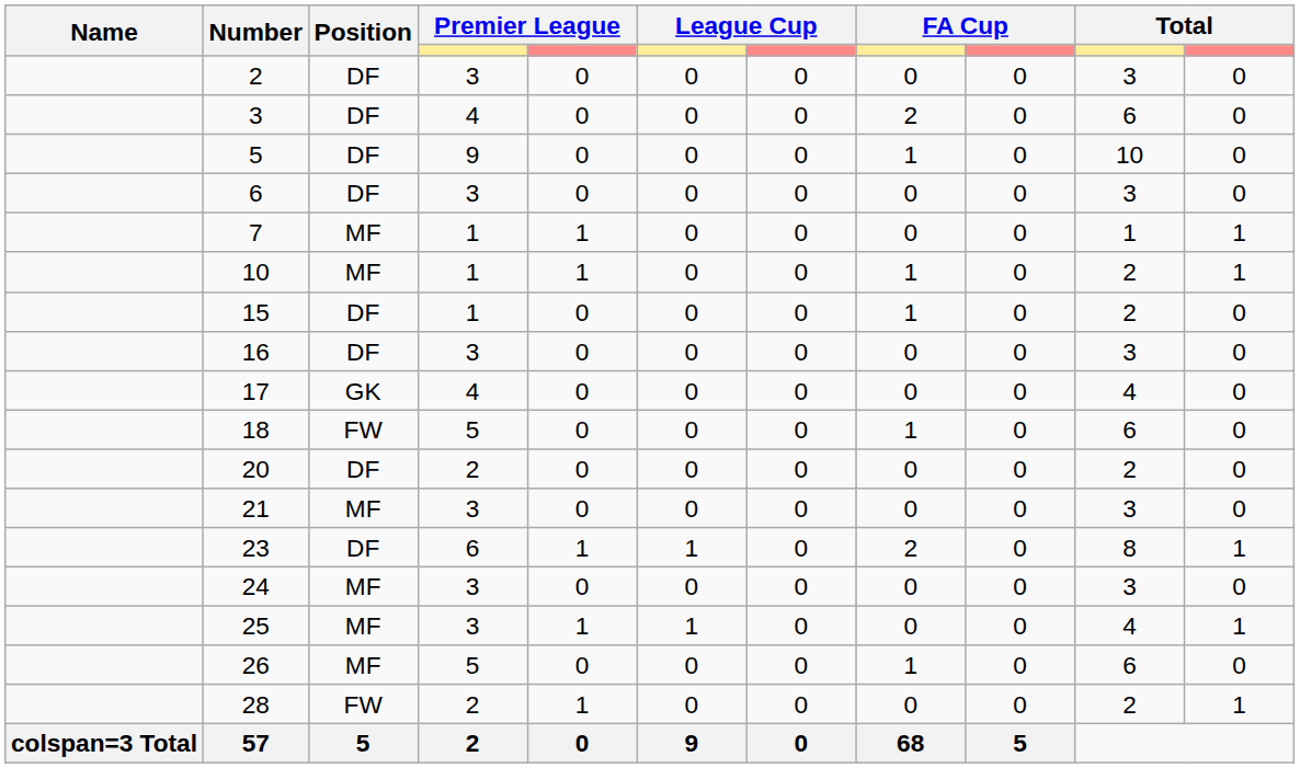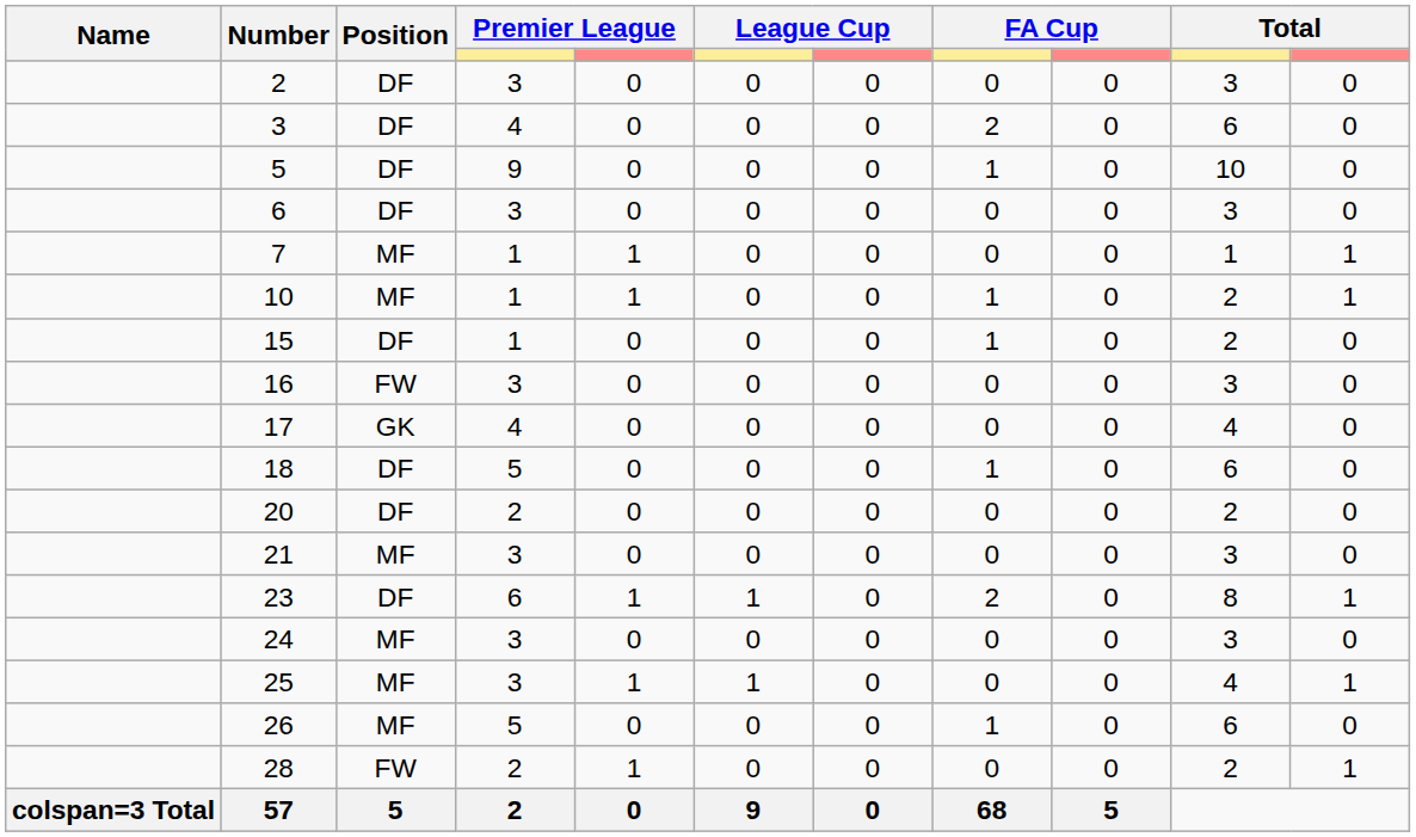 <table class="wikitable" style="font-size: 95%; text-align: center;">
 <tr>
 <th rowspan=2>Name</th>
 <th rowspan=2>Number</th>
 <th rowspan=2>Position</th>
 <th colspan=2><a href='#'>Premier League</a></th>
 <th colspan=2><a href='#'>League Cup</a></th>
 <th colspan=2><a href='#'>FA Cup</a></th>
 <th colspan=2>Total</th>
 </tr>
 <tr>
 <th style="width:60px; background:#fe9;"></th>
 <th style="width:60px; background:#ff8888;"></th>
 <th style="width:60px; background:#fe9;"></th>
 <th style="width:60px; background:#ff8888;"></th>
 <th style="width:60px; background:#fe9;"></th>
 <th style="width:60px; background:#ff8888;"></th>
 <th style="width:60px; background:#fe9;"></th>
 <th style="width:60px; background:#ff8888;"></th>
 </tr>
 <tr>
 <td></td>
 <td>2</td>
 <td>DF</td>
 <td>3</td>
 <td>0</td>
 <td>0</td>
 <td>0</td>
 <td>0</td>
 <td>0</td>
 <td>3</td>
 <td>0</td>
 </tr>
 <tr>
 <td></td>
 <td>3</td>
 <td>DF</td>
 <td>4</td>
 <td>0</td>
 <td>0</td>
 <td>0</td>
 <td>2</td>
 <td>0</td>
 <td>6</td>
 <td>0</td>
 </tr>
 <tr>
 <td></td>
 <td>5</td>
 <td>DF</td>
 <td>9</td>
 <td>0</td>
 <td>0</td>
 <td>0</td>
 <td>1</td>
 <td>0</td>
 <td>10</td>
 <td>0</td>
 </tr>
 <tr>
 <td></td>
 <td>6</td>
 <td>DF</td>
 <td>3</td>
 <td>0</td>
 <td>0</td>
 <td>0</td>
 <td>0</td>
 <td>0</td>
 <td>3</td>
 <td>0</td>
 </tr>
 <tr>
 <td></td>
 <td>7</td>
 <td>MF</td>
 <td>1</td>
 <td>1</td>
 <td>0</td>
 <td>0</td>
 <td>0</td>
 <td>0</td>
 <td>1</td>
 <td>1</td>
 </tr>
 <tr>
 <td></td>
 <td>10</td>
 <td>MF</td>
 <td>1</td>
 <td>1</td>
 <td>0</td>
 <td>0</td>
 <td>1</td>
 <td>0</td>
 <td>2</td>
 <td>1</td>
 </tr>
 <tr>
 <td></td>
 <td>15</td>
 <td>DF</td>
 <td>1</td>
 <td>0</td>
 <td>0</td>
 <td>0</td>
 <td>1</td>
 <td>0</td>
 <td>2</td>
 <td>0</td>
 </tr>
 <tr>
 <td></td>
 <td>16</td>
-<td>DF</td>
+<td>FW</td>
 <td>3</td>
 <td>0</td>
 <td>0</td>
 <td>0</td>
 <td>0</td>
 <td>0</td>
 <td>3</td>
 <td>0</td>
 </tr>
 <tr>
 <td></td>
 <td>17</td>
 <td>GK</td>
 <td>4</td>
 <td>0</td>
 <td>0</td>
 <td>0</td>
 <td>0</td>
 <td>0</td>
 <td>4</td>
 <td>0</td>
 </tr>
 <tr>
 <td></td>
 <td>18</td>
-<td>FW</td>
+<td>DF</td>
 <td>5</td>
 <td>0</td>
 <td>0</td>
 <td>0</td>
 <td>1</td>
 <td>0</td>
 <td>6</td>
 <td>0</td>
 </tr>
 <tr>
 <td></td>
 <td>20</td>
 <td>DF</td>
 <td>2</td>
 <td>0</td>
 <td>0</td>
 <td>0</td>
 <td>0</td>
 <td>0</td>
 <td>2</td>
 <td>0</td>
 </tr>
 <tr>
 <td></td>
 <td>21</td>
 <td>MF</td>
 <td>3</td>
 <td>0</td>
 <td>0</td>
 <td>0</td>
 <td>0</td>
 <td>0</td>
 <td>3</td>
 <td>0</td>
 </tr>
 <tr>
 <td></td>
 <td>23</td>
 <td>DF</td>
 <td>6</td>
 <td>1</td>
 <td>1</td>
 <td>0</td>
 <td>2</td>
 <td>0</td>
 <td>8</td>
 <td>1</td>
 </tr>
 <tr>
 <td></td>
 <td>24</td>
 <td>MF</td>
 <td>3</td>
 <td>0</td>
 <td>0</td>
 <td>0</td>
 <td>0</td>
 <td>0</td>
 <td>3</td>
 <td>0</td>
 </tr>
 <tr>
 <td></td>
 <td>25</td>
 <td>MF</td>
 <td>3</td>
 <td>1</td>
 <td>1</td>
 <td>0</td>
 <td>0</td>
 <td>0</td>
 <td>4</td>
 <td>1</td>
 </tr>
 <tr>
 <td></td>
 <td>26</td>
 <td>MF</td>
 <td>5</td>
 <td>0</td>
 <td>0</td>
 <td>0</td>
 <td>1</td>
 <td>0</td>
 <td>6</td>
 <td>0</td>
 </tr>
 <tr>
 <td></td>
 <td>28</td>
 <td>FW</td>
 <td>2</td>
 <td>1</td>
 <td>0</td>
 <td>0</td>
 <td>0</td>
 <td>0</td>
 <td>2</td>
 <td>1</td>
 </tr>
 <tr>
 <th>colspan=3 Total</th>
 <th>57</th>
 <th>5</th>
 <th>2</th>
 <th>0</th>
 <th>9</th>
 <th>0</th>
 <th>68</th>
 <th>5</th>
 </tr>
 </table>
